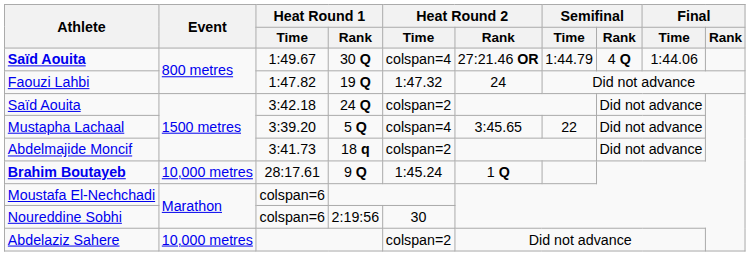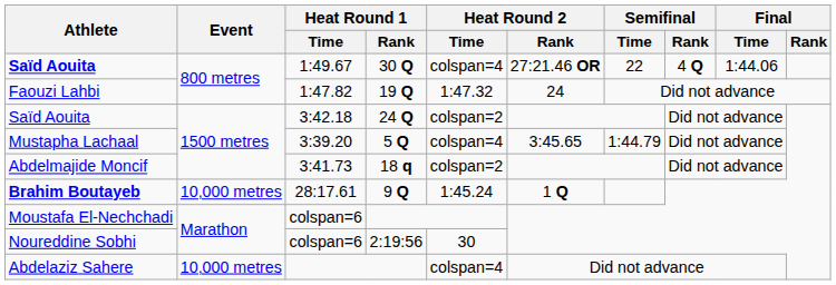 <table class=wikitable style="font-size:90%; text-align:center">
 <tr>
 <th rowspan=2>Athlete</th>
 <th rowspan=2>Event</th>
 <th colspan=2>Heat Round 1</th>
 <th colspan=2>Heat Round 2</th>
 <th colspan=2>Semifinal</th>
 <th colspan=2>Final</th>
 </tr>
 <tr style=font-size:95%>
 <th>Time</th>
 <th>Rank</th>
 <th>Time</th>
 <th>Rank</th>
 <th>Time</th>
 <th>Rank</th>
 <th>Time</th>
 <th>Rank</th>
 </tr>
 <tr align=center>
 <td align=left><strong><a href='#'>Saïd Aouita</a></strong></td>
 <td align=left rowspan=2><a href='#'>800 metres</a></td>
 <td>1:49.67</td>
 <td>30 <strong>Q</strong></td>
 <td>colspan=4</td>
 <td>27:21.46 <strong>OR</strong></td>
-<td>1:44.79</td>
+<td>22</td>
 <td>4 <strong>Q</strong></td>
 <td>1:44.06</td>
 <td></td>
 </tr>
 <tr align=center>
 <td align=left><a href='#'>Faouzi Lahbi</a></td>
 <td>1:47.82</td>
 <td>19 <strong>Q</strong></td>
 <td>1:47.32</td>
 <td>24</td>
 <td colspan=4>Did not advance</td>
 </tr>
 <tr align=center>
 <td align=left><a href='#'>Saïd Aouita</a></td>
 <td align=left rowspan=3><a href='#'>1500 metres</a></td>
 <td>3:42.18</td>
 <td>24 <strong>Q</strong></td>
 <td>colspan=2</td>
 <td colspan=2></td>
 <td colspan=2>Did not advance</td>
 </tr>
 <tr align=center>
 <td align=left><a href='#'>Mustapha Lachaal</a></td>
 <td>3:39.20</td>
 <td>5 <strong>Q</strong></td>
 <td>colspan=4</td>
 <td>3:45.65</td>
-<td>22</td>
+<td>1:44.79</td>
 <td colspan=2>Did not advance</td>
 </tr>
 <tr align=center>
 <td align=left><a href='#'>Abdelmajide Moncif</a></td>
 <td>3:41.73</td>
 <td>18 <strong>q</strong></td>
 <td>colspan=2</td>
 <td colspan=2></td>
 <td colspan=2>Did not advance</td>
 </tr>
 <tr align=center>
 <td align=left><strong><a href='#'>Brahim Boutayeb</a></strong></td>
 <td align=left><a href='#'>10,000 metres</a></td>
 <td>28:17.61</td>
 <td>9 <strong>Q</strong></td>
 <td>1:45.24</td>
 <td>1 <strong>Q</strong></td>
 <td></td>
 </tr>
 <tr align=center>
 <td align=left><a href='#'>Moustafa El-Nechchadi</a></td>
 <td align=left rowspan=2><a href='#'>Marathon</a></td>
 <td>colspan=6</td>
 <td colspan=2></td>
 </tr>
 <tr align=center>
 <td align=left><a href='#'>Noureddine Sobhi</a></td>
 <td>colspan=6</td>
 <td>2:19:56</td>
 <td>30</td>
 </tr>
 <tr align=center>
 <td align=left><a href='#'>Abdelaziz Sahere</a></td>
 <td align=left><a href='#'>10,000 metres</a></td>
 <td colspan=2></td>
-<td>colspan=2</td>
+<td>colspan=4</td>
 <td colspan=4>Did not advance</td>
 </tr>
 </table>
